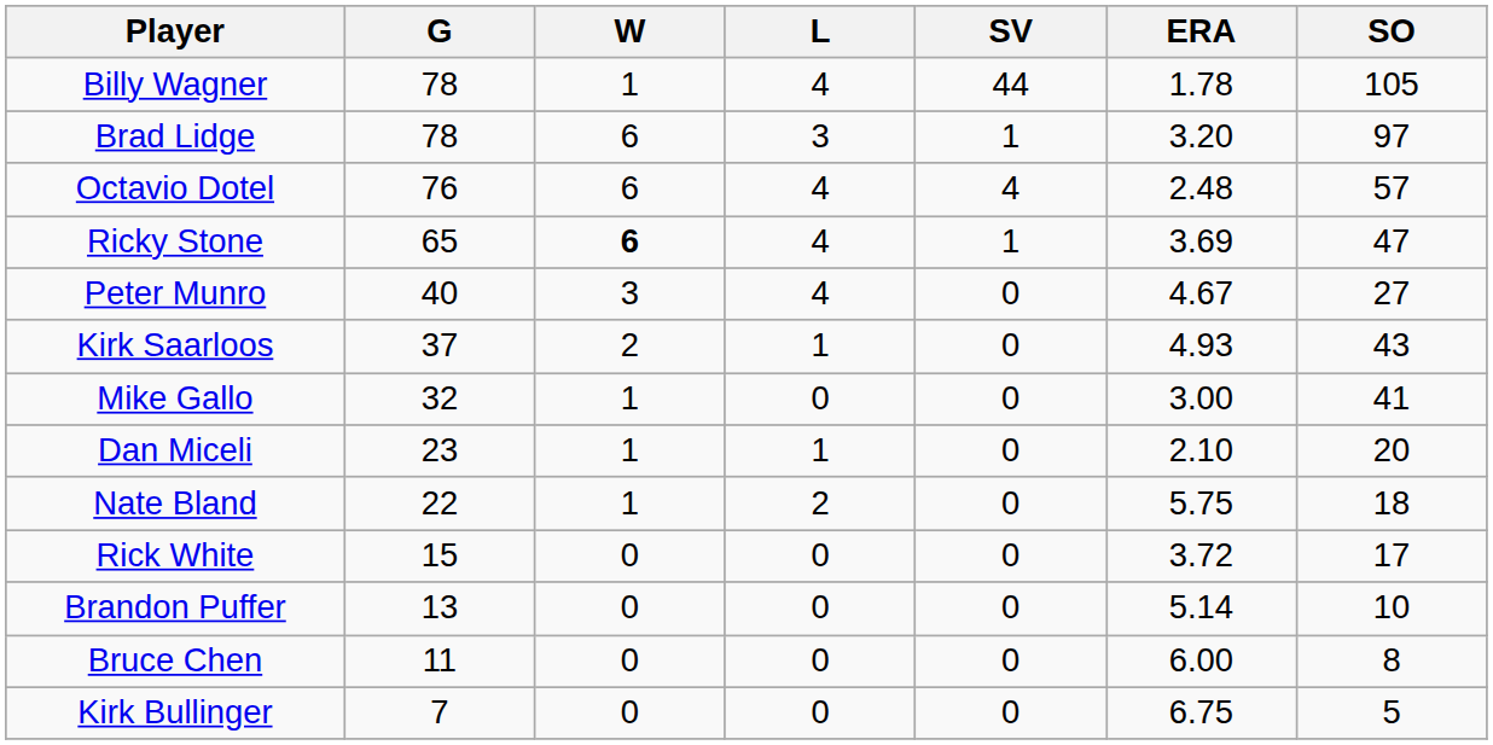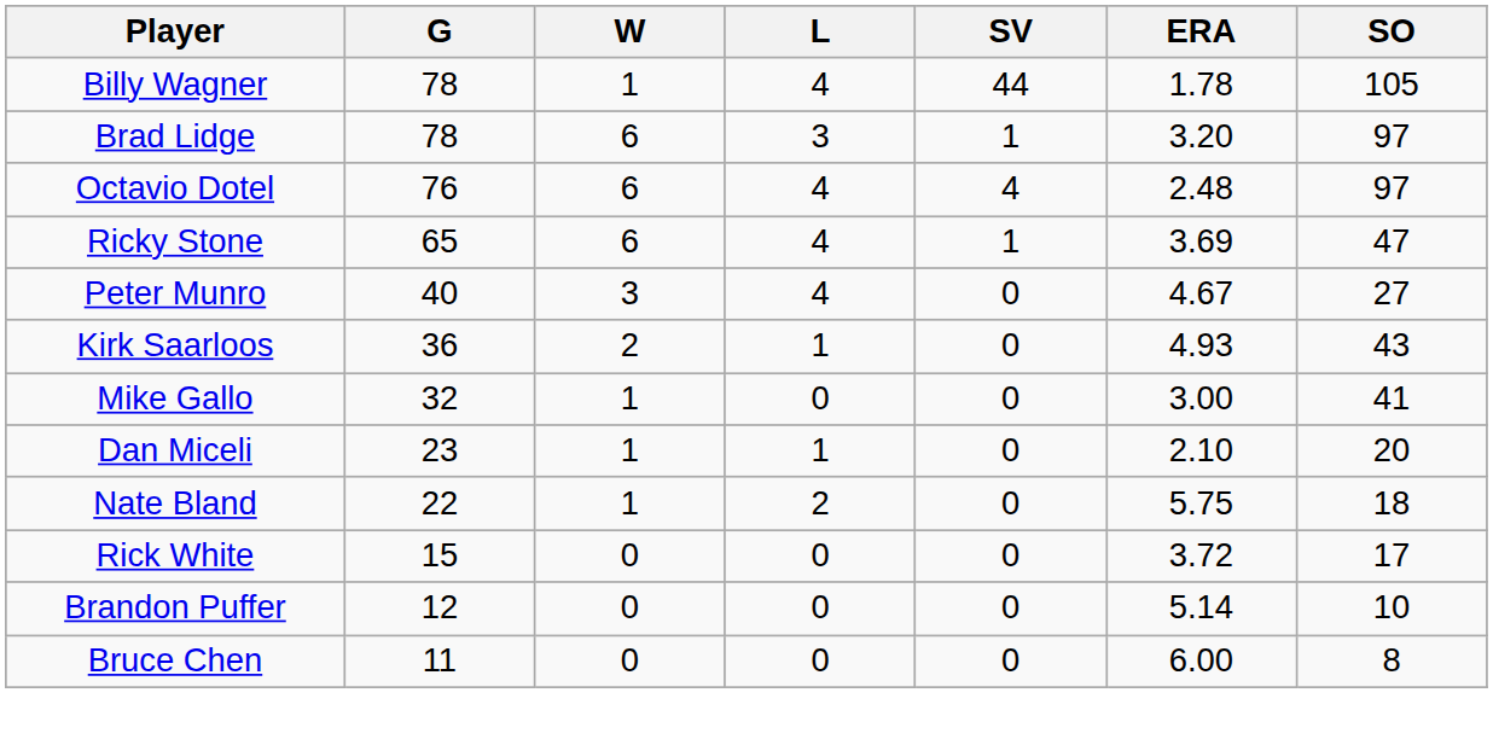 <table class="wikitable sortable">
 <tr>
 <th bgcolor="#DDDDFF" width="16%">Player</th>
 <th bgcolor="#DDDDFF" width="9%">G</th>
 <th bgcolor="#DDDDFF" width="9%">W</th>
 <th bgcolor="#DDDDFF" width="9%">L</th>
 <th bgcolor="#DDDDFF" width="9%">SV</th>
 <th bgcolor="#DDDDFF" width="9%">ERA</th>
 <th bgcolor="#DDDDFF" width="9%">SO</th>
 </tr>
 <tr align=center>
 <td><a href='#'>Billy Wagner</a></td>
 <td>78</td>
 <td>1</td>
 <td>4</td>
 <td>44</td>
 <td>1.78</td>
 <td>105</td>
 </tr>
 <tr align=center>
 <td><a href='#'>Brad Lidge</a></td>
 <td>78</td>
 <td>6</td>
 <td>3</td>
 <td>1</td>
 <td>3.20</td>
 <td>97</td>
 </tr>
 <tr align=center>
 <td><a href='#'>Octavio Dotel</a></td>
 <td>76</td>
 <td>6</td>
 <td>4</td>
 <td>4</td>
 <td>2.48</td>
-<td>57</td>
+<td>97</td>
 </tr>
 <tr align=center>
 <td><a href='#'>Ricky Stone</a></td>
 <td>65</td>
-<td><strong>6</strong></td>
+<td>6</td>
 <td>4</td>
 <td>1</td>
 <td>3.69</td>
 <td>47</td>
 </tr>
 <tr align=center>
 <td><a href='#'>Peter Munro</a></td>
 <td>40</td>
 <td>3</td>
 <td>4</td>
 <td>0</td>
 <td>4.67</td>
 <td>27</td>
 </tr>
 <tr align=center>
 <td><a href='#'>Kirk Saarloos</a></td>
-<td>37</td>
+<td>36</td>
 <td>2</td>
 <td>1</td>
 <td>0</td>
 <td>4.93</td>
 <td>43</td>
 </tr>
 <tr align=center>
 <td><a href='#'>Mike Gallo</a></td>
 <td>32</td>
 <td>1</td>
 <td>0</td>
 <td>0</td>
 <td>3.00</td>
 <td>41</td>
 </tr>
 <tr align=center>
 <td><a href='#'>Dan Miceli</a></td>
 <td>23</td>
 <td>1</td>
 <td>1</td>
 <td>0</td>
 <td>2.10</td>
 <td>20</td>
 </tr>
 <tr align=center>
 <td><a href='#'>Nate Bland</a></td>
 <td>22</td>
 <td>1</td>
 <td>2</td>
 <td>0</td>
 <td>5.75</td>
 <td>18</td>
 </tr>
 <tr align=center>
 <td><a href='#'>Rick White</a></td>
 <td>15</td>
 <td>0</td>
 <td>0</td>
 <td>0</td>
 <td>3.72</td>
 <td>17</td>
 </tr>
 <tr align=center>
 <td><a href='#'>Brandon Puffer</a></td>
-<td>13</td>
+<td>12</td>
 <td>0</td>
 <td>0</td>
 <td>0</td>
 <td>5.14</td>
 <td>10</td>
 </tr>
 <tr align=center>
 <td><a href='#'>Bruce Chen</a></td>
 <td>11</td>
 <td>0</td>
 <td>0</td>
 <td>0</td>
 <td>6.00</td>
 <td>8</td>
 </tr>
-<tr align=center>
-<td><a href='#'>Kirk Bullinger</a></td>
-<td>7</td>
-<td>0</td>
-<td>0</td>
-<td>0</td>
-<td>6.75</td>
-<td>5</td>
-</tr>
 </table>
